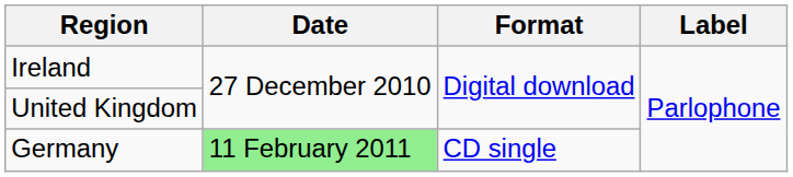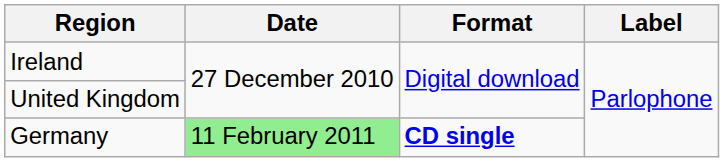 <table class=wikitable>
 <tr>
 <th>Region</th>
 <th>Date</th>
 <th>Format</th>
 <th>Label</th>
 </tr>
 <tr>
 <td>Ireland</td>
 <td rowspan="2">27 December 2010</td>
 <td rowspan="2"><a href='#'>Digital download</a></td>
 <td rowspan="3"><a href='#'>Parlophone</a></td>
 </tr>
 <tr>
 <td>United Kingdom</td>
 </tr>
 <tr>
 <td>Germany</td>
 <td rowspan="1" style="background: lightgreen;">11 February 2011</td>
-<td rowspan="1"><a href='#'>CD single</a></td>
+<td rowspan="1"><strong><a href='#'>CD single</a></strong></td>
 </tr>
 </table>
